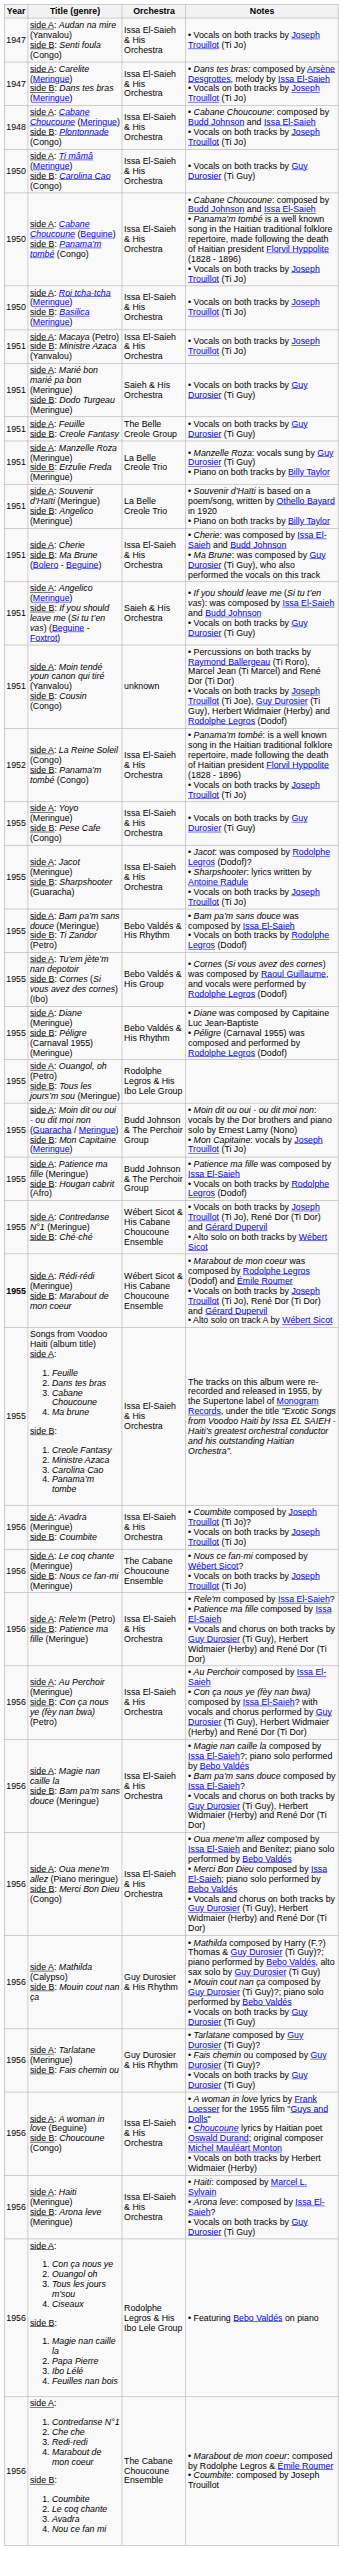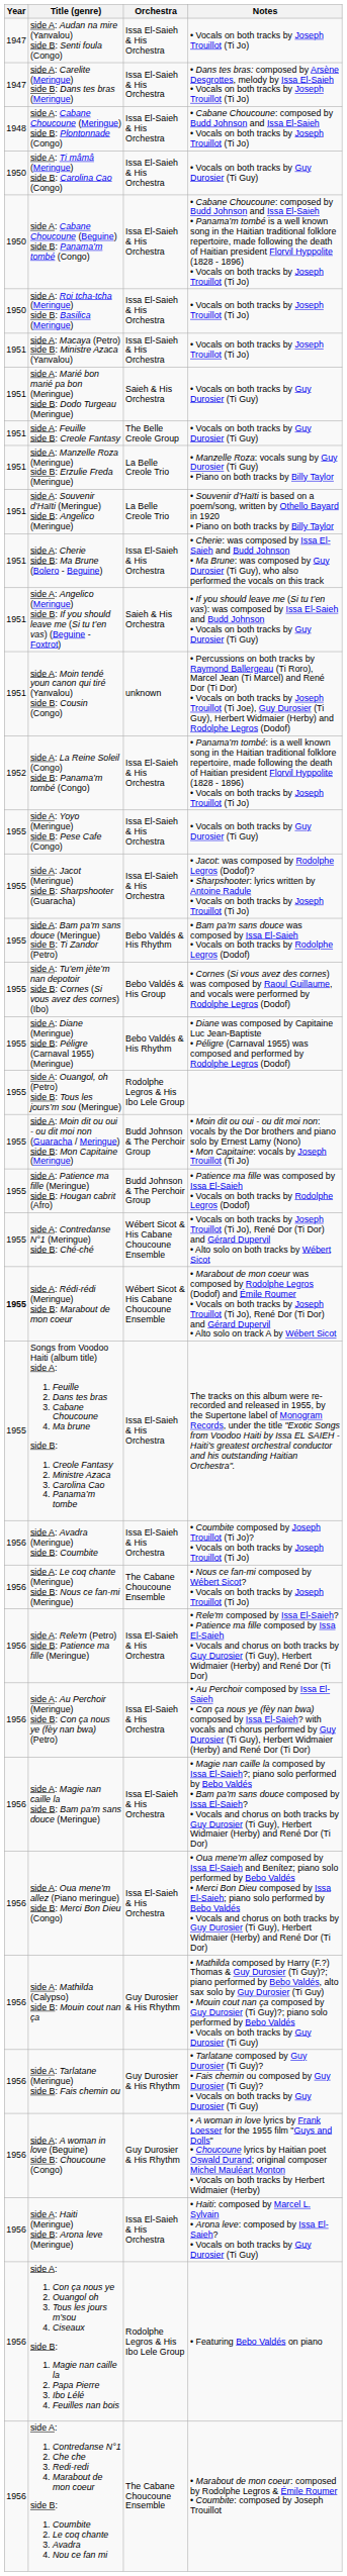 <table class="wikitable sortable">
 <tr>
 <th>Year</th>
 <th>Title (genre)</th>
 <th>Orchestra</th>
 <th>Notes</th>
 </tr>
 <tr>
 <td>1947</td>
 <td><u>side A</u>: <em>Audan na mire</em> (Yanvalou)<br><u>side B</u>: <em>Senti foula</em> (Congo)</td>
 <td>Issa El-Saieh & His Orchestra</td>
 <td>• Vocals on both tracks by <a href='#'>Joseph Trouillot</a> (Ti Jo)</td>
 </tr>
 <tr>
 <td>1947</td>
 <td><u>side A</u>: <em>Carelite</em>  (<a href='#'>Meringue</a>)<br><u>side B</u>: <em>Dans tes bras</em> (<a href='#'>Meringue</a>)</td>
 <td>Issa El-Saieh & His Orchestra</td>
 <td>• <em>Dans tes bras:</em> composed by <a href='#'>Arsène Desgrottes</a>, melody by <a href='#'>Issa El-Saieh</a><br>• Vocals on both tracks by <a href='#'>Joseph Trouillot</a> (Ti Jo)</td>
 </tr>
 <tr>
 <td>1948</td>
 <td><u>side A</u>: <a href='#'><em>Cabane Choucoune</em></a> (<a href='#'>Meringue</a>)<br><u>side B</u>: <a href='#'><em>Plontonnade</em></a> (Congo)</td>
 <td>Issa El-Saieh & His Orchestra</td>
 <td>• <em>Cabane Choucoune</em>: composed by <a href='#'>Budd Johnson</a> and <a href='#'>Issa El-Saieh</a><br>• Vocals on both tracks by <a href='#'>Joseph Trouillot</a> (Ti Jo)</td>
 </tr>
 <tr>
 <td>1950</td>
 <td><u>side A</u>: <a href='#'><em>Ti mâmâ</em></a> (<a href='#'>Meringue</a>)<br><u>side B</u>: <a href='#'><em>Carolina Cao</em></a> (Congo)</td>
 <td>Issa El-Saieh & His Orchestra</td>
 <td>• Vocals on both tracks by <a href='#'>Guy Durosier</a> (Ti Guy)</td>
 </tr>
 <tr>
 <td>1950</td>
 <td><u>side A</u>: <a href='#'><em>Cabane Choucoune</em></a> (<a href='#'>Beguine</a>)<br><u>side B</u>: <a href='#'><em>Panama’m tombé</em></a> (Congo)</td>
 <td>Issa El-Saieh & His Orchestra</td>
 <td>• <em>Cabane Choucoune</em>: composed by <a href='#'>Budd Johnson</a> and <a href='#'>Issa El-Saieh</a><br>• <em>Panama’m tombé</em> is a well known song in the Haitian traditional folklore repertoire, made following the death of Haitian president <a href='#'>Florvil Hyppolite</a> (1828 - 1896)<br>• Vocals on both tracks by <a href='#'>Joseph Trouillot</a> (Ti Jo)</td>
 </tr>
 <tr>
 <td>1950</td>
 <td><u>side A</u>: <a href='#'><em>Roi tcha-tcha</em></a> (<a href='#'>Meringue</a>)<br><u>side B</u>: <a href='#'><em>Basilica</em></a> (<a href='#'>Meringue</a>)</td>
 <td>Issa El-Saieh & His Orchestra</td>
 <td>• Vocals on both tracks by <a href='#'>Joseph Trouillot</a> (Ti Jo)</td>
 </tr>
 <tr>
 <td>1951</td>
 <td><u>side A</u>: <em>Macaya</em> (Petro)<br><u>side B</u>: <em>Ministre Azaca</em> (Yanvalou)</td>
 <td>Issa El-Saieh & His Orchestra</td>
 <td>• Vocals on both tracks by <a href='#'>Joseph Trouillot</a> (Ti Jo)</td>
 </tr>
 <tr>
 <td>1951</td>
 <td><u>side A</u>: <em>Marié bon marié pa bon</em> (Meringue)<br><u>side B</u>:  <em>Dodo Turgeau</em> (Meringue)</td>
 <td>Saieh & His Orchestra</td>
 <td>• Vocals on both tracks by <a href='#'>Guy Durosier</a> (Ti Guy)</td>
 </tr>
 <tr>
 <td>1951</td>
 <td><u>side A</u>: <em>Feuille</em><br><u>side B</u>: <em>Creole Fantasy</em></td>
 <td>The Belle Creole Group</td>
 <td>• Vocals on both tracks by <a href='#'>Guy Durosier</a> (Ti Guy)</td>
 </tr>
 <tr>
 <td>1951</td>
 <td><u>side A</u>: <em>Manzelle Roza</em> (Meringue)<br><u>side B</u>: <em>Erzulie Freda</em> (Meringue)</td>
 <td>La Belle Creole Trio</td>
 <td>• <em>Manzelle Roza</em>: vocals sung by <a href='#'>Guy Durosier</a> (Ti Guy)<br>• Piano on both tracks by <a href='#'>Billy Taylor</a></td>
 </tr>
 <tr>
 <td>1951</td>
 <td><u>side A</u>: <em>Souvenir d’Haïti</em> (Meringue)<br><u>side B</u>: <em>Angelico</em> (Meringue)</td>
 <td>La Belle Creole Trio</td>
 <td>• <em>Souvenir d’Haïti</em> is based on a poem/song, written by <a href='#'>Othello Bayard</a> in 1920<br>• Piano on both tracks by <a href='#'>Billy Taylor</a></td>
 </tr>
 <tr>
 <td>1951</td>
 <td><u>side A</u>: <em>Cherie</em><br><u>side B</u>: <em>Ma Brune</em> (<a href='#'>Bolero</a> - <a href='#'>Beguine</a>)</td>
 <td>Issa El-Saieh & His Orchestra</td>
 <td>• <em>Cherie</em>: was composed by <a href='#'>Issa El-Saieh</a> and <a href='#'>Budd Johnson</a><br>• <em>Ma Brune</em>: was composed by <a href='#'>Guy Durosier</a> (Ti Guy), who also performed the vocals on this track</td>
 </tr>
 <tr>
 <td>1951</td>
 <td><u>side A</u>: <em>Angelico</em> (<a href='#'>Meringue</a>)<br><u>side B</u>: <em>If you should leave me</em> (<em>Si tu t’en vas</em>) (<a href='#'>Beguine</a> - <a href='#'>Foxtrot</a>)</td>
 <td>Saieh & His Orchestra</td>
 <td>• <em>If you should leave me</em> (<em>Si tu t’en vas</em>): was composed by <a href='#'>Issa El-Saieh</a> and <a href='#'>Budd Johnson</a><br>• Vocals on both tracks by <a href='#'>Guy Durosier</a> (Ti Guy)</td>
 </tr>
 <tr>
 <td>1951</td>
 <td><u>side A</u>: <em>Moin tendé youn canon qui tiré</em> (Yanvalou)<br><u>side B</u>: <em>Cousin</em> (Congo)</td>
 <td>unknown</td>
 <td>• Percussions on both tracks by <a href='#'>Raymond Ballergeau</a> (Ti Roro), Marcel Jean (Ti Marcel) and René Dor (Ti Dor)<br>• Vocals on both tracks by <a href='#'>Joseph Trouillot</a> (Ti Joe), <a href='#'>Guy Durosier</a> (Ti Guy), Herbert Widmaier (Herby) and <a href='#'>Rodolphe Legros</a> (Dodof)</td>
 </tr>
 <tr>
 <td>1952</td>
 <td><u>side A</u>: <em>La Reine Soleil</em> (Congo)<br><u>side B</u>: <em>Panama’m tombé</em> (Congo)</td>
 <td>Issa El-Saieh & His Orchestra</td>
 <td>• <em>Panama’m tombé</em>: is a well known song in the Haitian traditional folklore repertoire, made following the death of Haitian president <a href='#'>Florvil Hyppolite</a> (1828 - 1896)<br>• Vocals on both tracks by <a href='#'>Joseph Trouillot</a> (Ti Jo)</td>
 </tr>
 <tr>
 <td>1955</td>
 <td><u>side A</u>: <em>Yoyo</em> (Meringue)<br><u>side B</u>: <em>Pese Cafe</em> (Congo)</td>
 <td>Issa El-Saieh & His Orchestra</td>
 <td>• Vocals on both tracks by <a href='#'>Guy Durosier</a> (Ti Guy)</td>
 </tr>
 <tr>
 <td>1955</td>
 <td><u>side A</u>: <em>Jacot</em> (Meringue)<br><u>side B</u>: <em>Sharpshooter</em> (Guaracha)</td>
 <td>Issa El-Saieh & His Orchestra</td>
 <td>• <em>Jacot</em>: was composed by <a href='#'>Rodolphe Legros</a> (Dodof)?<br>• <em>Sharpshooter</em>: lyrics written by <a href='#'>Antoine Radule</a><br>• Vocals on both tracks by <a href='#'>Joseph Trouillot</a> (Ti Jo)</td>
 </tr>
 <tr>
 <td>1955</td>
 <td><u>side A</u>: <em>Bam pa’m sans douce</em> (Meringue)<br><u>side B</u>: <em>Ti Zandor</em> (Petro)</td>
 <td>Bebo Valdés & His Rhythm</td>
 <td>• <em>Bam pa’m sans douce</em> was composed by <a href='#'>Issa El-Saieh</a><br>• Vocals on both tracks by <a href='#'>Rodolphe Legros</a> (Dodof)</td>
 </tr>
 <tr>
 <td>1955</td>
 <td><u>side A</u>: <em>Tu’em jète’m nan depotoir</em><br><u>side B</u>: <em>Cornes</em> (<em>Si vous avez des cornes</em>) (Ibo)</td>
 <td>Bebo Valdés & His Group</td>
 <td>• <em>Cornes</em> (<em>Si vous avez des cornes</em>) was composed by <a href='#'>Raoul Guillaume</a>, and vocals were performed by <a href='#'>Rodolphe Legros</a> (Dodof)</td>
 </tr>
 <tr>
 <td>1955</td>
 <td><u>side A</u>: <em>Diane</em> (Meringue)<br><u>side B</u>: <em>Péligre</em> (Carnaval 1955) (Meringue)</td>
 <td>Bebo Valdés & His Rhythm</td>
 <td>• <em>Diane</em> was composed by Capitaine Luc Jean-Baptiste<br>• <em>Péligre</em> (Carnaval 1955) was composed and performed by <a href='#'>Rodolphe Legros</a> (Dodof)</td>
 </tr>
 <tr>
 <td>1955</td>
 <td><u>side A</u>: <em>Ouangol, oh</em> (Petro)<br><u>side B</u>: <em>Tous les jours’m sou</em> (Meringue)</td>
 <td>Rodolphe Legros & His Ibo Lele Group</td>
 <td></td>
 </tr>
 <tr>
 <td>1955</td>
 <td><u>side A</u>: <em>Moin dit ou oui - ou dit moi non</em> (<a href='#'>Guaracha</a> / <a href='#'>Meringue</a>)<br><u>side B</u>: <em>Mon Capitaine</em> (<a href='#'>Meringue</a>)</td>
 <td>Budd Johnson & The Perchoir Group</td>
 <td>• <em>Moin dit ou oui - ou dit moi non</em>: vocals by the Dor brothers and piano solo by Ernest Lamy (Nono)<br>• <em>Mon Capitaine</em>: vocals by <a href='#'>Joseph Trouillot</a> (Ti Jo)</td>
 </tr>
 <tr>
 <td>1955</td>
 <td><u>side A</u>: <em>Patience ma fille</em> (Meringue)<br><u>side B</u>: <em>Hougan cabrit</em> (Afro)</td>
 <td>Budd Johnson & The Perchoir Group</td>
 <td>• <em>Patience ma fille</em> was composed by <a href='#'>Issa El-Saieh</a><br>• Vocals on both tracks by <a href='#'>Rodolphe Legros</a> (Dodof)</td>
 </tr>
 <tr>
 <td>1955</td>
 <td><u>side A</u>: <em>Contredanse N°1</em> (Meringue)<br><u>side B</u>: <em>Ché-ché</em></td>
 <td>Wébert Sicot & His Cabane Choucoune Ensemble</td>
 <td>• Vocals on both tracks by <a href='#'>Joseph Trouillot</a> (Ti Jo), René Dor (Ti Dor) and <a href='#'>Gérard Dupervil</a><br>• Alto solo on both tracks by <a href='#'>Wébert Sicot</a></td>
 </tr>
 <tr>
 <td><strong>1955</strong></td>
 <td><u>side A</u>: <em>Rédi-rédi</em> (Meringue)<br><u>side B</u>: <em>Marabout de mon coeur</em></td>
 <td>Wébert Sicot & His Cabane Choucoune Ensemble</td>
 <td>• <em>Marabout de mon coeur</em> was composed by <a href='#'>Rodolphe Legros</a> (Dodof) and <a href='#'>Émile Roumer</a><br>• Vocals on both tracks by <a href='#'>Joseph Trouillot</a> (Ti Jo), René Dor (Ti Dor) and <a href='#'>Gérard Dupervil</a><br>• Alto solo on track A by <a href='#'>Wébert Sicot</a></td>
 </tr>
 <tr>
 <td>1955</td>
 <td>Songs from Voodoo Haiti (album title)<br><u>side A</u>:<ol><li><em>Feuille</em></li><li><em>Dans tes bras</em></li><li><em>Cabane Choucoune</em></li><li><em>Ma brune</em></li></ol><u>side B</u>:<ol><li><em>Creole Fantasy</em></li><li><em>Ministre Azaca</em></li><li><em>Carolina Cao</em></li><li><em>Panama’m tombe</em></li></ol></td>
 <td>Issa El-Saieh & His Orchestra</td>
 <td>The tracks on this album were re-recorded and released in 1955, by the Supertone label of <a href='#'>Monogram Records</a>, under the title <em>"Exotic Songs from Voodoo Haiti by Issa EL SAIEH - Haiti’s greatest orchestral conductor and his outstanding Haitian Orchestra".</em></td>
 </tr>
 <tr>
 <td>1956</td>
 <td><u>side A</u>: <em>Avadra</em> (Meringue)<br><u>side B</u>: <em>Coumbite</em></td>
 <td>Issa El-Saieh & His Orchestra</td>
 <td>• <em>Coumbite</em> composed by <a href='#'>Joseph Trouillot</a> (Ti Jo)?<br>• Vocals on both tracks by <a href='#'>Joseph Trouillot</a> (Ti Jo)</td>
 </tr>
 <tr>
 <td>1956</td>
 <td><u>side A</u>: <em>Le coq chante</em> (Meringue)<br><u>side B</u>: <em>Nous ce fan-mi</em> (Meringue)</td>
 <td>The Cabane Choucoune Ensemble</td>
 <td>• <em>Nous ce fan-mi</em> composed by <a href='#'>Wébert Sicot</a>?<br>• Vocals on both tracks by <a href='#'>Joseph Trouillot</a> (Ti Jo)</td>
 </tr>
 <tr>
 <td>1956</td>
 <td><u>side A</u>: <em>Rele'm</em> (Petro)<br><u>side B</u>: <em>Patience ma fille</em> (Meringue)</td>
 <td>Issa El-Saieh & His Orchestra</td>
 <td>• <em>Rele'm</em> composed by <a href='#'>Issa El-Saieh</a>?<br>• <em>Patience ma fille</em> composed by <a href='#'>Issa El-Saieh</a><br>• Vocals and chorus on both tracks by <a href='#'>Guy Durosier</a> (Ti Guy), Herbert Widmaier (Herby) and René Dor (Ti Dor)</td>
 </tr>
 <tr>
 <td>1956</td>
 <td><u>side A</u>: <em>Au Perchoir</em> (Meringue)<br><u>side B</u>: <em>Con ça nous ye</em> <em>(fèy nan bwa)</em> (Petro)</td>
 <td>Issa El-Saieh & His Orchestra</td>
 <td>• <em>Au Perchoir</em> composed by <a href='#'>Issa El-Saieh</a><br>• <em>Con ça nous ye</em> <em>(fèy nan bwa)</em> composed by <a href='#'>Issa El-Saieh</a>? with vocals and chorus performed by <a href='#'>Guy Durosier</a> (Ti Guy), Herbert Widmaier (Herby) and René Dor (Ti Dor)</td>
 </tr>
 <tr>
 <td>1956</td>
 <td><u>side A</u>: <em>Magie nan caille la</em><br><u>side B</u>: <em>Bam pa’m sans douce</em> (Meringue)</td>
 <td>Issa El-Saieh & His Orchestra</td>
 <td>• <em>Magie nan caille la</em> composed by <a href='#'>Issa El-Saieh</a>?; piano solo performed by <a href='#'>Bebo Valdés</a><br>• <em>Bam pa’m sans douce</em> composed by <a href='#'>Issa El-Saieh</a>?<br>• Vocals and chorus on both tracks by <a href='#'>Guy Durosier</a> (Ti Guy), Herbert Widmaier (Herby) and René Dor (Ti Dor)</td>
 </tr>
 <tr>
 <td>1956</td>
 <td><u>side A</u>: <em>Oua mene’m allez</em> (Piano meringue)<br><u>side B</u>: <em>Merci Bon Dieu</em> (Congo)</td>
 <td>Issa El-Saieh & His Orchestra</td>
 <td>• <em>Oua mene’m allez</em> composed by <a href='#'>Issa El-Saieh</a> and Benítez; piano solo performed by <a href='#'>Bebo Valdés</a><br>• <em>Merci Bon Dieu</em> composed by <a href='#'>Issa El-Saieh</a>; piano solo performed by <a href='#'>Bebo Valdés</a><br>• Vocals and chorus on both tracks by <a href='#'>Guy Durosier</a> (Ti Guy), Herbert Widmaier (Herby) and René Dor (Ti Dor)</td>
 </tr>
 <tr>
 <td>1956</td>
 <td><u>side A</u>: <em>Mathilda</em> (Calypso)<br><u>side B</u>: <em>Mouin cout nan ça</em></td>
 <td>Guy Durosier & His Rhythm</td>
 <td>• <em>Mathilda</em> composed by Harry (F.?) Thomas & <a href='#'>Guy Durosier</a> (Ti Guy)?; piano performed by <a href='#'>Bebo Valdés</a>, alto sax solo by <a href='#'>Guy Durosier</a> (Ti Guy)<br>• <em>Mouin cout nan ça</em> composed by <a href='#'>Guy Durosier</a> (Ti Guy)?; piano solo performed by <a href='#'>Bebo Valdés</a><br>• Vocals on both tracks by <a href='#'>Guy Durosier</a> (Ti Guy)</td>
 </tr>
 <tr>
 <td>1956</td>
 <td><u>side A</u>: <em>Tarlatane</em> (Meringue)<br><u>side B</u>: <em>Fais chemin ou</em></td>
 <td>Guy Durosier & His Rhythm</td>
 <td>• <em>Tarlatane</em> composed by <a href='#'>Guy Durosier</a> (Ti Guy)?<br>• <em>Fais chemin</em> ou composed by <a href='#'>Guy Durosier</a> (Ti Guy)?<br>• Vocals on both tracks by <a href='#'>Guy Durosier</a> (Ti Guy)</td>
 </tr>
 <tr>
 <td>1956</td>
 <td><u>side A</u>: <em>A woman in love</em> (Beguine)<br><u>side B</u>: <em>Choucoune</em> (Congo)</td>
-<td>Issa El-Saieh & His Orchestra</td>
+<td>Guy Durosier & His Rhythm</td>
 <td>• <em>A woman in love</em> lyrics by <a href='#'>Frank Loesser</a> for the 1955 film "<a href='#'>Guys and Dolls</a>"<br>• <a href='#'><em>Choucoune</em></a> lyrics by Haitian poet <a href='#'>Oswald Durand</a>; original composer <a href='#'>Michel Mauléart Monton</a><br>• Vocals on both tracks by Herbert Widmaier (Herby)</td>
 </tr>
 <tr>
 <td>1956</td>
 <td><u>side A</u>: <em>Haiti</em> (Meringue)<br><u>side B</u>: <em>Arona leve</em> (Meringue)</td>
 <td>Issa El-Saieh & His Orchestra</td>
 <td>• <em>Haiti</em>: composed by <a href='#'>Marcel L. Sylvain</a><br>• <em>Arona leve</em>: composed by <a href='#'>Issa El-Saieh</a>?<br>• Vocals on both tracks by <a href='#'>Guy Durosier</a> (Ti Guy)</td>
 </tr>
 <tr>
 <td>1956</td>
 <td><u>side A</u>:<br><ol><li><em>Con ça nous ye</em></li><li><em>Ouangol oh</em></li><li><em>Tous les jours m’sou</em></li><li><em>Ciseaux</em></li></ol><u>side B</u>:<ol><li><em>Magie nan caille la</em></li><li><em>Papa Pierre</em></li><li><em>Ibo Lélé</em></li><li><em>Feuilles nan bois</em></li></ol></td>
 <td>Rodolphe Legros & His Ibo Lele Group</td>
 <td>• Featuring <a href='#'>Bebo Valdés</a> on piano</td>
 </tr>
 <tr>
 <td>1956</td>
 <td><u>side A</u>:<br><ol><li><em>Contredanse N°1</em></li><li><em>Che che</em></li><li><em>Redi-redi</em></li><li><em>Marabout de mon coeur</em></li></ol><u>side B</u>:<ol><li><em>Coumbite</em></li><li><em>Le coq chante</em></li><li><em>Avadra</em></li><li><em>Nou ce fan mi</em></li></ol></td>
 <td>The Cabane Choucoune Ensemble</td>
 <td>• <em>Marabout de mon coeur</em>: composed by Rodolphe Legros & <a href='#'>Émile Roumer</a><br>• <em>Coumbite</em>: composed by Joseph Trouillot</td>
 </tr>
 </table>
